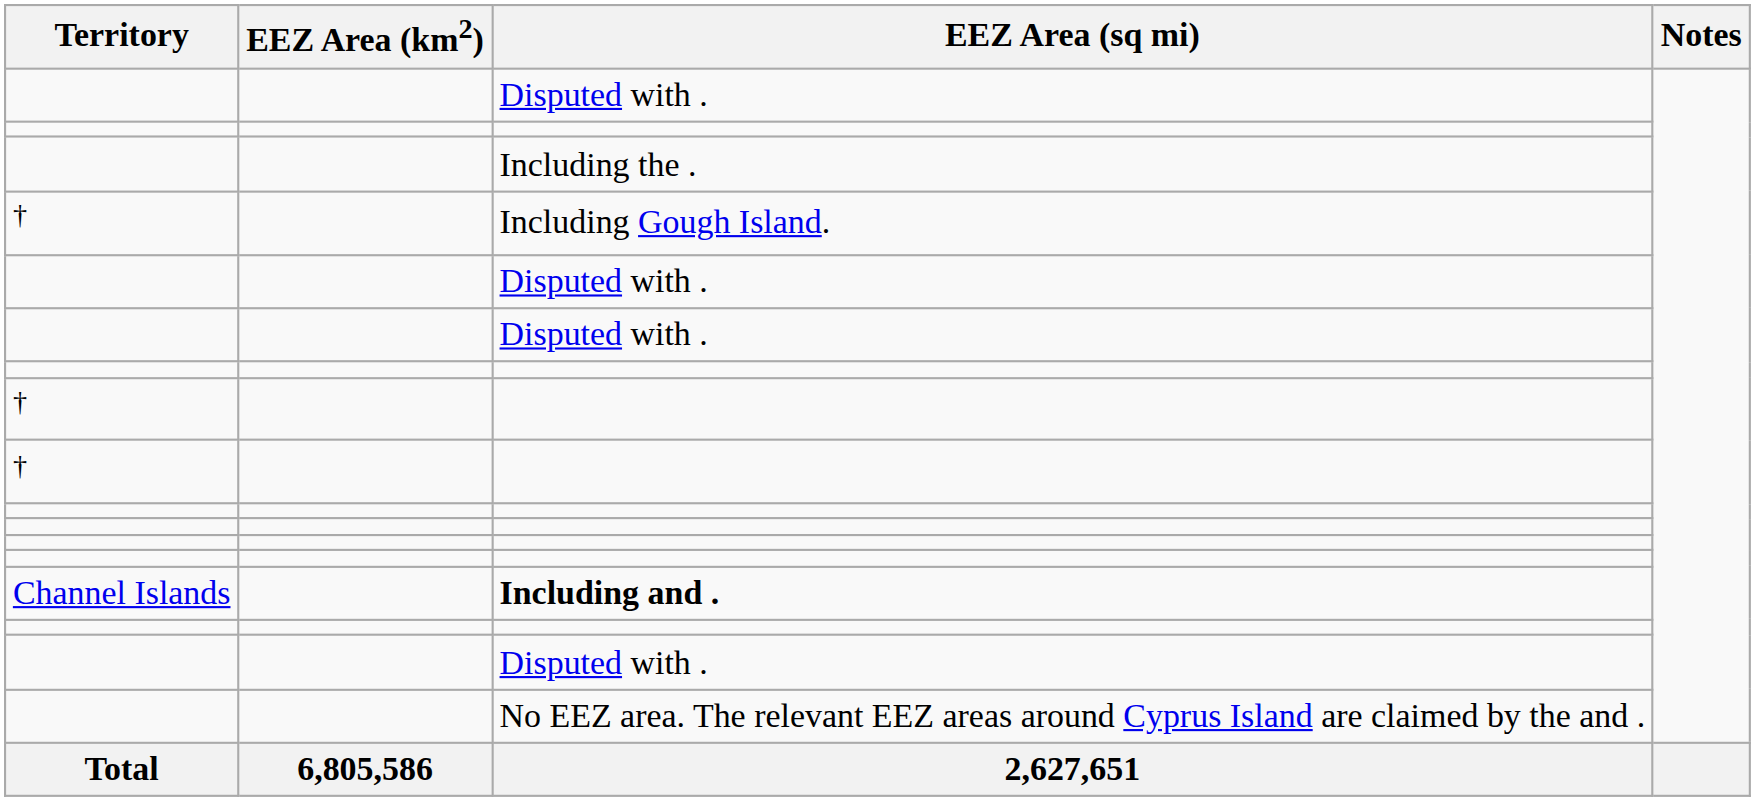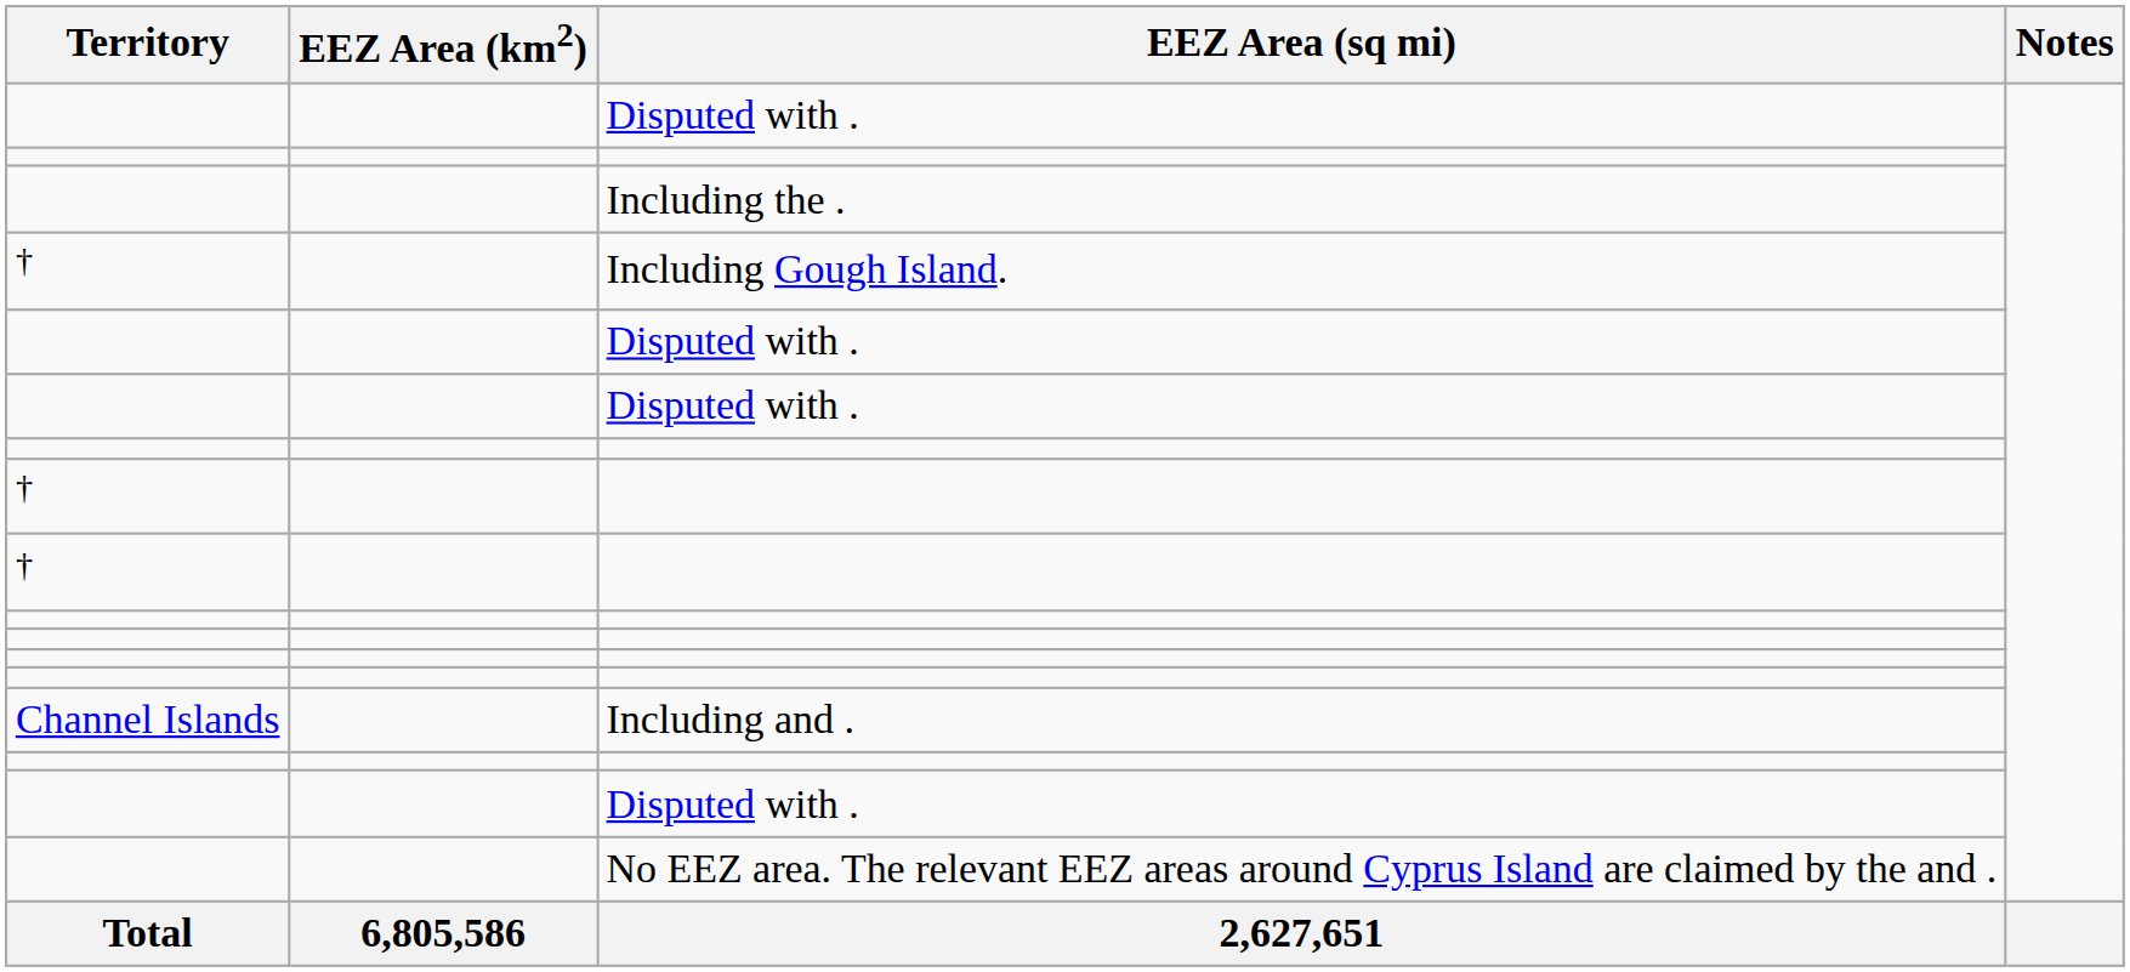 <table class="wikitable">
 <tr>
 <th>Territory</th>
 <th>EEZ Area (km<sup>2</sup>)</th>
 <th>EEZ Area (sq mi)</th>
 <th>Notes</th>
 </tr>
 <tr>
 <td></td>
 <td></td>
 <td><a href='#'>Disputed</a> with .</td>
 </tr>
 <tr>
 <td></td>
 <td></td>
 <td></td>
 </tr>
 <tr>
 <td></td>
 <td></td>
 <td>Including the .</td>
 </tr>
 <tr>
 <td><sup>†</sup></td>
 <td></td>
 <td>Including  <a href='#'>Gough Island</a>.</td>
 </tr>
 <tr>
 <td></td>
 <td></td>
 <td><a href='#'>Disputed</a> with .</td>
 </tr>
 <tr>
 <td></td>
 <td></td>
 <td><a href='#'>Disputed</a> with .</td>
 </tr>
 <tr>
 <td></td>
 <td></td>
 <td></td>
 </tr>
 <tr>
 <td><sup>†</sup></td>
 <td></td>
 <td></td>
 </tr>
 <tr>
 <td><sup>†</sup></td>
 <td></td>
 <td></td>
 </tr>
 <tr>
 <td></td>
 <td></td>
 <td></td>
 </tr>
 <tr>
 <td></td>
 <td></td>
 <td></td>
 </tr>
 <tr>
 <td></td>
 <td></td>
 <td></td>
 </tr>
 <tr>
 <td></td>
 <td></td>
 <td></td>
 </tr>
 <tr>
 <td> <a href='#'>Channel Islands</a></td>
 <td></td>
-<td><strong>Including  and .</strong></td>
+<td>Including  and .</td>
 </tr>
 <tr>
 <td></td>
 <td></td>
 <td></td>
 </tr>
 <tr>
 <td></td>
 <td></td>
 <td><a href='#'>Disputed</a> with .</td>
 </tr>
 <tr>
 <td></td>
 <td></td>
 <td>No EEZ area. The relevant EEZ areas around <a href='#'>Cyprus Island</a> are claimed by the  and .</td>
 </tr>
 <tr>
 <th>Total</th>
 <th>6,805,586</th>
 <th>2,627,651</th>
 <th></th>
 </tr>
 </table>
